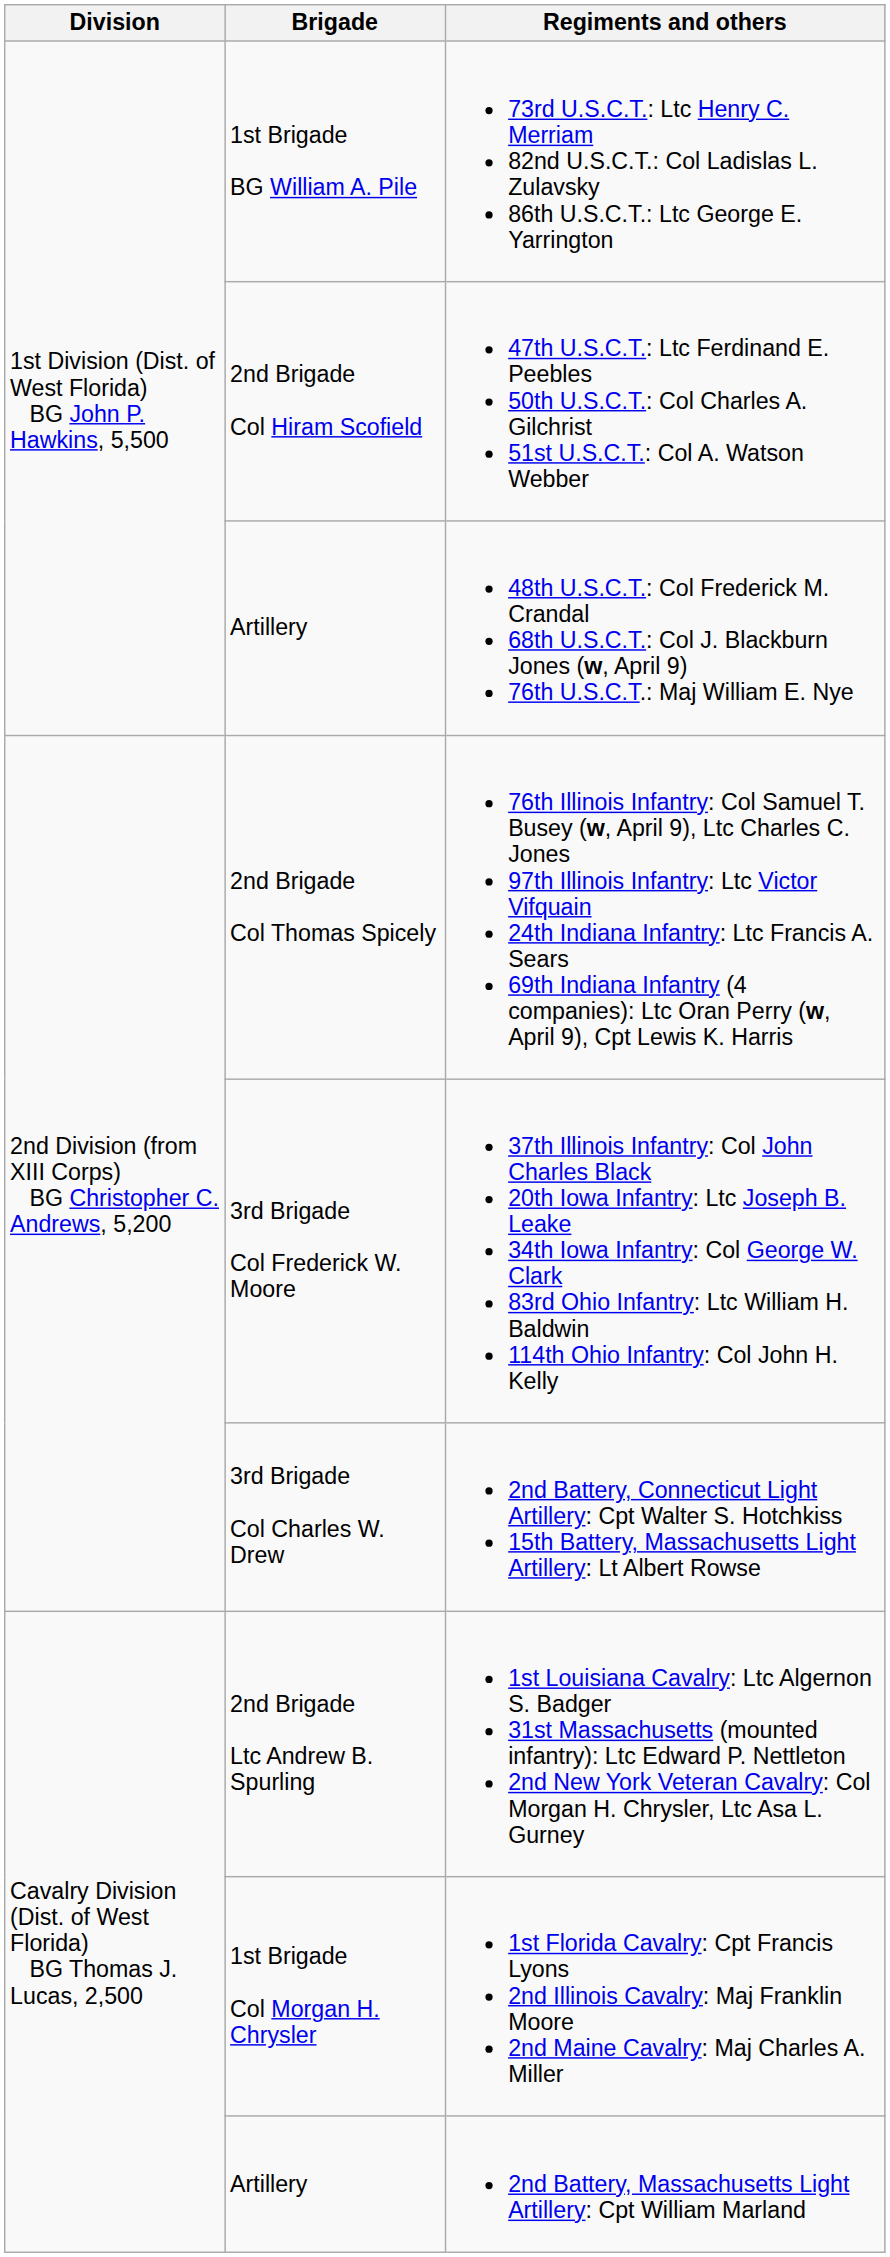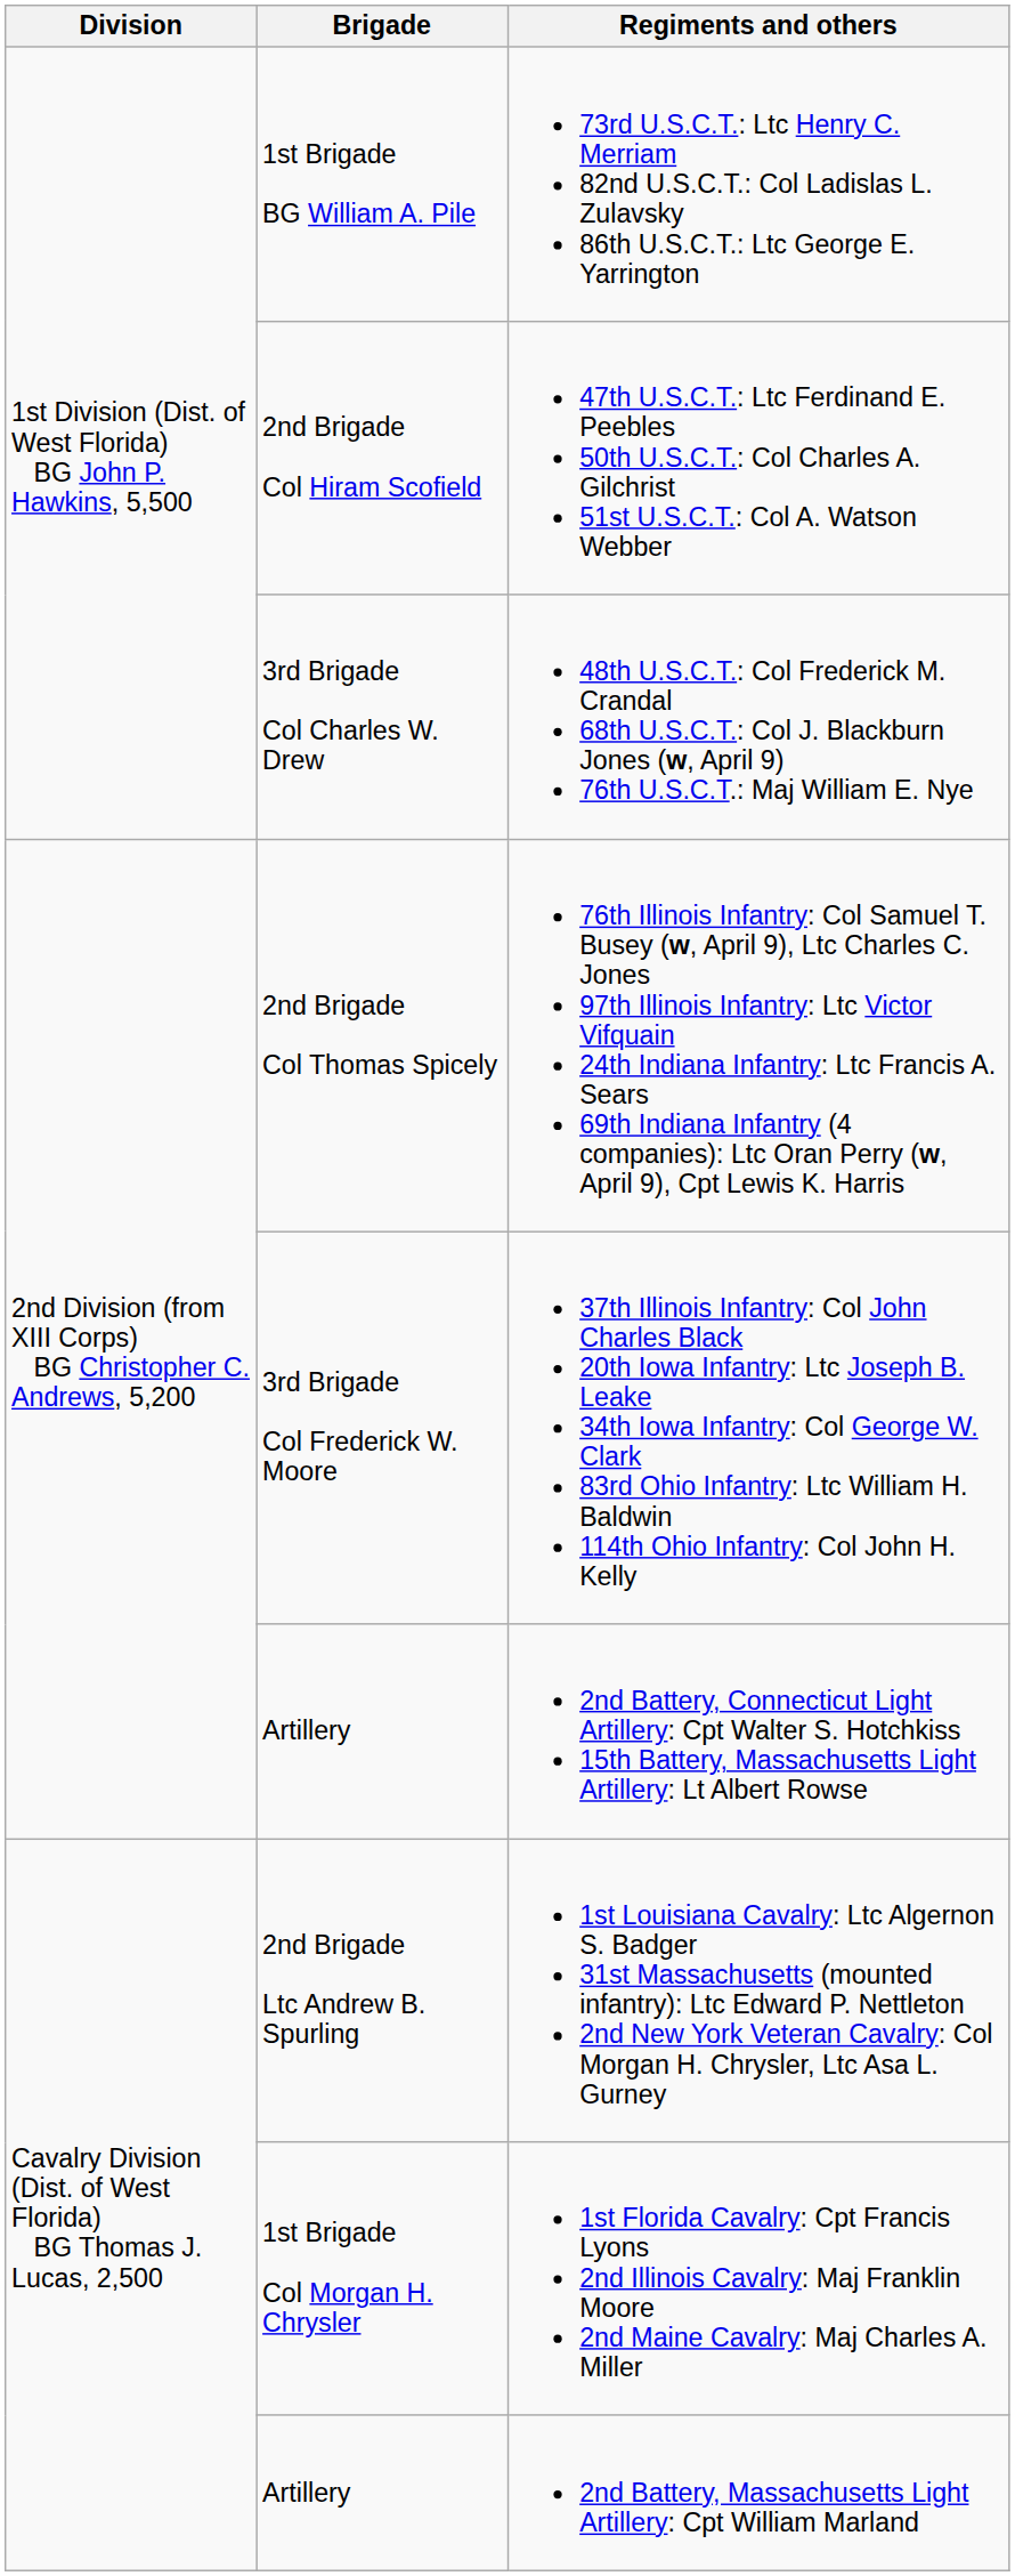 <table class="wikitable">
 <tr>
 <th style="width:25%;">Division</th>
 <th style="width:25%;">Brigade</th>
 <th>Regiments and others</th>
 </tr>
 <tr>
 <td rowspan=3><br>1st Division (Dist. of West Florida) <br>   BG <a href='#'>John P. Hawkins</a>, 5,500</td>
 <td>1st Brigade<br><br> BG <a href='#'>William A. Pile</a></td>
 <td><br><ul><li><a href='#'>73rd U.S.C.T.</a>: Ltc <a href='#'>Henry C. Merriam</a></li><li>82nd U.S.C.T.: Col Ladislas L. Zulavsky</li><li>86th U.S.C.T.: Ltc George E. Yarrington</li></ul></td>
 </tr>
 <tr>
 <td>2nd Brigade<br><br> Col <a href='#'>Hiram Scofield</a></td>
 <td><br><ul><li><a href='#'>47th U.S.C.T.</a>: Ltc Ferdinand E. Peebles</li><li><a href='#'>50th U.S.C.T.</a>: Col Charles A. Gilchrist</li><li><a href='#'>51st U.S.C.T.</a>: Col A. Watson Webber</li></ul></td>
 </tr>
 <tr>
-<td>Artillery</td>
+<td>3rd Brigade<br><br> Col Charles W. Drew</td>
 <td><br><ul><li><a href='#'>48th U.S.C.T.</a>: Col Frederick M. Crandal</li><li><a href='#'>68th U.S.C.T.</a>: Col J. Blackburn Jones (<strong>w</strong>, April 9)</li><li><a href='#'>76th U.S.C.T</a>.: Maj William E. Nye</li></ul></td>
 </tr>
 <tr>
 <td rowspan=3><br>2nd Division (from XIII Corps) <br>   BG <a href='#'>Christopher C. Andrews</a>, 5,200</td>
 <td>2nd Brigade<br><br> Col Thomas Spicely</td>
 <td><br><ul><li><a href='#'>76th Illinois Infantry</a>: Col Samuel T. Busey (<strong>w</strong>, April 9), Ltc Charles C. Jones</li><li><a href='#'>97th Illinois Infantry</a>: Ltc <a href='#'>Victor Vifquain</a></li><li><a href='#'>24th Indiana Infantry</a>: Ltc Francis A. Sears</li><li><a href='#'>69th Indiana Infantry</a> (4 companies): Ltc Oran Perry (<strong>w</strong>, April 9), Cpt Lewis K. Harris</li></ul></td>
 </tr>
 <tr>
 <td>3rd Brigade<br><br> Col Frederick W. Moore</td>
 <td><br><ul><li><a href='#'>37th Illinois Infantry</a>: Col <a href='#'>John Charles Black</a></li><li><a href='#'>20th Iowa Infantry</a>: Ltc <a href='#'>Joseph B. Leake</a></li><li><a href='#'>34th Iowa Infantry</a>: Col <a href='#'>George W. Clark</a></li><li><a href='#'>83rd Ohio Infantry</a>: Ltc William H. Baldwin</li><li><a href='#'>114th Ohio Infantry</a>: Col John H. Kelly</li></ul></td>
 </tr>
 <tr>
-<td>3rd Brigade<br><br> Col Charles W. Drew</td>
+<td>Artillery</td>
 <td><br><ul><li><a href='#'>2nd Battery, Connecticut Light Artillery</a>: Cpt Walter S. Hotchkiss</li><li><a href='#'>15th Battery, Massachusetts Light Artillery</a>: Lt Albert Rowse</li></ul></td>
 </tr>
 <tr>
 <td rowspan=3><br>Cavalry Division (Dist. of West Florida) <br>   BG Thomas J. Lucas, 2,500</td>
 <td>2nd Brigade<br><br> Ltc Andrew B. Spurling</td>
 <td><br><ul><li><a href='#'>1st Louisiana Cavalry</a>: Ltc Algernon S. Badger</li><li><a href='#'>31st Massachusetts</a> (mounted infantry): Ltc Edward P. Nettleton</li><li><a href='#'>2nd New York Veteran Cavalry</a>: Col Morgan H. Chrysler, Ltc Asa L. Gurney</li></ul></td>
 </tr>
 <tr>
 <td>1st Brigade<br><br> Col <a href='#'>Morgan H. Chrysler</a></td>
 <td><br><ul><li><a href='#'>1st Florida Cavalry</a>: Cpt Francis Lyons</li><li><a href='#'>2nd Illinois Cavalry</a>: Maj Franklin Moore</li><li><a href='#'>2nd Maine Cavalry</a>: Maj Charles A. Miller</li></ul></td>
 </tr>
 <tr>
 <td>Artillery</td>
 <td><br><ul><li><a href='#'>2nd Battery, Massachusetts Light Artillery</a>: Cpt William Marland</li></ul></td>
 </tr>
 </table>
